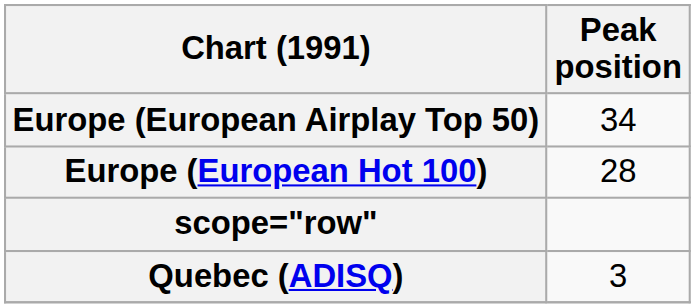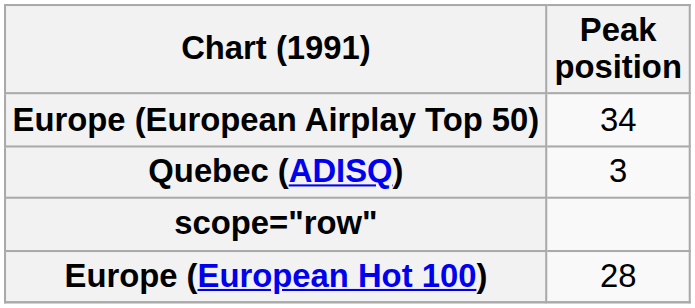 <table class="wikitable sortable plainrowheaders">
 <tr>
 <th>Chart (1991)</th>
 <th>Peak<br>position</th>
 </tr>
 <tr>
 <th scope="row">Europe (European Airplay Top 50)</th>
 <td align="center">34</td>
 </tr>
 <tr>
-<th scope="row">Europe (<a href='#'>European Hot 100</a>)</th>
-<td align="center">28</td>
+<th scope="row">Quebec (<a href='#'>ADISQ</a>)</th>
+<td align="center">3</td>
 </tr>
 <tr>
 <th>scope="row"</th>
 </tr>
 <tr>
-<th scope="row">Quebec (<a href='#'>ADISQ</a>)</th>
-<td align="center">3</td>
+<th scope="row">Europe (<a href='#'>European Hot 100</a>)</th>
+<td align="center">28</td>
 </tr>
 <tr>
 </tr>
 </table>
